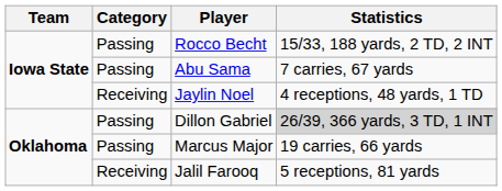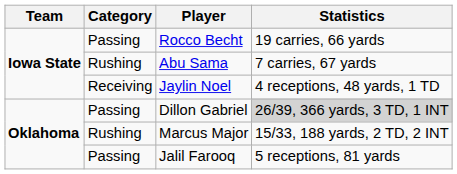 <table class="wikitable" style="float: right;">
 <tr>
 <th>Team</th>
 <th>Category</th>
 <th>Player</th>
 <th>Statistics</th>
 </tr>
 <tr>
 <td rowspan=3><strong>Iowa State</strong></td>
 <td>Passing</td>
 <td><a href='#'>Rocco Becht</a></td>
-<td>15/33, 188 yards, 2 TD, 2 INT</td>
+<td>19 carries, 66 yards</td>
 </tr>
 <tr>
-<td>Passing</td>
+<td>Rushing</td>
 <td><a href='#'>Abu Sama</a></td>
 <td>7 carries, 67 yards</td>
 </tr>
 <tr>
 <td>Receiving</td>
 <td><a href='#'>Jaylin Noel</a></td>
 <td>4 receptions, 48 yards, 1 TD</td>
 </tr>
 <tr>
 <td rowspan=3><strong>Oklahoma</strong></td>
 <td>Passing</td>
 <td>Dillon Gabriel</td>
 <td style="background: lightgrey;">26/39, 366 yards, 3 TD, 1 INT</td>
 </tr>
 <tr>
-<td>Passing</td>
+<td>Rushing</td>
 <td>Marcus Major</td>
-<td>19 carries, 66 yards</td>
+<td>15/33, 188 yards, 2 TD, 2 INT</td>
 </tr>
 <tr>
-<td>Receiving</td>
+<td>Passing</td>
 <td>Jalil Farooq</td>
 <td>5 receptions, 81 yards</td>
 </tr>
 </table>
